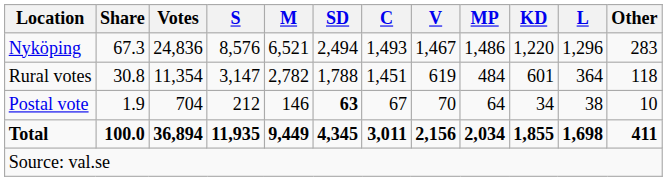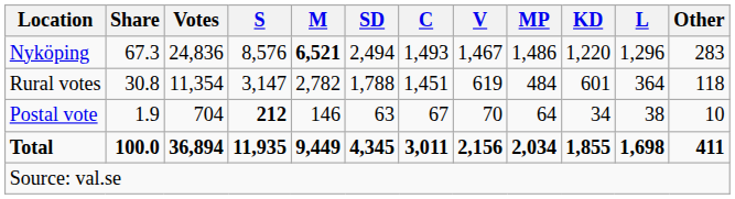 <table class="wikitable sortable" style=text-align:right>
 <tr>
 <th>Location</th>
 <th>Share</th>
 <th>Votes</th>
 <th><a href='#'>S</a></th>
 <th><a href='#'>M</a></th>
 <th><a href='#'>SD</a></th>
 <th><a href='#'>C</a></th>
 <th><a href='#'>V</a></th>
 <th><a href='#'>MP</a></th>
 <th><a href='#'>KD</a></th>
 <th><a href='#'>L</a></th>
 <th>Other</th>
 </tr>
 <tr>
 <td align=left><a href='#'>Nyköping</a></td>
 <td>67.3</td>
 <td>24,836</td>
 <td>8,576</td>
-<td>6,521</td>
+<td><strong>6,521</strong></td>
 <td>2,494</td>
 <td>1,493</td>
 <td>1,467</td>
 <td>1,486</td>
 <td>1,220</td>
 <td>1,296</td>
 <td>283</td>
 </tr>
 <tr>
 <td align=left>Rural votes</td>
 <td>30.8</td>
 <td>11,354</td>
 <td>3,147</td>
 <td>2,782</td>
 <td>1,788</td>
 <td>1,451</td>
 <td>619</td>
 <td>484</td>
 <td>601</td>
 <td>364</td>
 <td>118</td>
 </tr>
 <tr>
 <td align=left><a href='#'>Postal vote</a></td>
 <td>1.9</td>
 <td>704</td>
-<td>212</td>
+<td><strong>212</strong></td>
 <td>146</td>
-<td><strong>63</strong></td>
+<td>63</td>
 <td>67</td>
 <td>70</td>
 <td>64</td>
 <td>34</td>
 <td>38</td>
 <td>10</td>
 </tr>
 <tr>
 <td align=left><strong>Total</strong></td>
 <td><strong>100.0</strong></td>
 <td><strong>36,894</strong></td>
 <td><strong>11,935</strong></td>
 <td><strong>9,449</strong></td>
 <td><strong>4,345</strong></td>
 <td><strong>3,011</strong></td>
 <td><strong>2,156</strong></td>
 <td><strong>2,034</strong></td>
 <td><strong>1,855</strong></td>
 <td><strong>1,698</strong></td>
 <td><strong>411</strong></td>
 </tr>
 <tr>
 <td align=left colspan=12>Source: val.se </td>
 </tr>
 </table>
